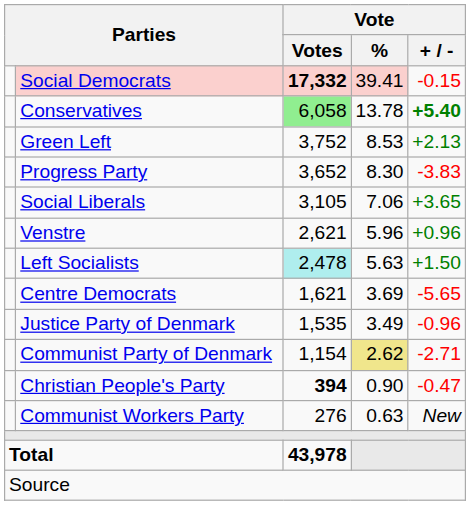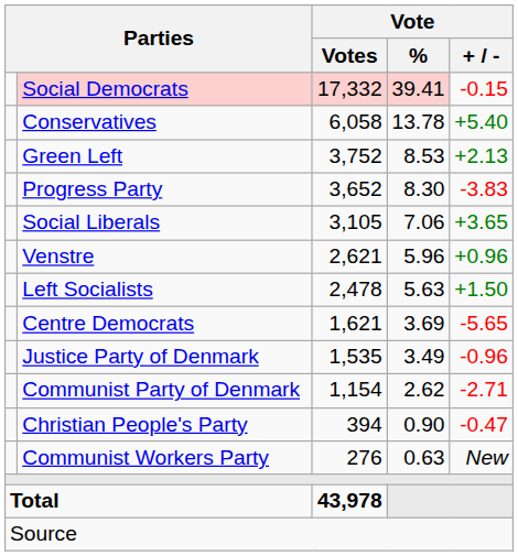 <table class="wikitable" style="text-align:right;">
 <tr>
 <th style="text-align:centre;" rowspan="2" colspan="2" width="225">Parties</th>
 <th colspan="3">Vote</th>
 </tr>
 <tr>
 <th width="15">Votes</th>
 <th width="15">%</th>
 <th width="15">+ / -</th>
 </tr>
 <tr>
 <td width="2" style="color:inherit;background:"></td>
 <td bgcolor=#fbd0ce  align="left"><a href='#'>Social Democrats</a></td>
-<td bgcolor=#fbd0ce><strong>17,332</strong></td>
+<td bgcolor=#fbd0ce>17,332</td>
 <td bgcolor=#fbd0ce>39.41</td>
 <td style=color:red;>-0.15</td>
 </tr>
 <tr>
 <td width="2" style="color:inherit;background:"></td>
 <td align="left"><a href='#'>Conservatives</a></td>
-<td style="background: lightgreen;">6,058</td>
+<td>6,058</td>
 <td>13.78</td>
-<td style=color:green;><strong>+5.40</strong></td>
+<td style=color:green;>+5.40</td>
 </tr>
 <tr>
 <td width="2" style="color:inherit;background:"></td>
 <td align="left"><a href='#'>Green Left</a></td>
 <td>3,752</td>
 <td>8.53</td>
 <td style=color:green;>+2.13</td>
 </tr>
 <tr>
 <td width="2" style="color:inherit;background:"></td>
 <td align="left"><a href='#'>Progress Party</a></td>
 <td>3,652</td>
 <td>8.30</td>
 <td style=color:red;>-3.83</td>
 </tr>
 <tr>
 <td width="2" style="color:inherit;background:"></td>
 <td align="left"><a href='#'>Social Liberals</a></td>
 <td>3,105</td>
 <td>7.06</td>
 <td style=color:green;>+3.65</td>
 </tr>
 <tr>
 <td width="2" style="color:inherit;background:"></td>
 <td align="left"><a href='#'>Venstre</a></td>
 <td>2,621</td>
 <td>5.96</td>
 <td style=color:green;>+0.96</td>
 </tr>
 <tr>
 <td width="2" style="color:inherit;background:"></td>
 <td align="left"><a href='#'>Left Socialists</a></td>
-<td style="background: paleturquoise;">2,478</td>
+<td>2,478</td>
 <td>5.63</td>
 <td style=color:green;>+1.50</td>
 </tr>
 <tr>
 <td width="2" style="color:inherit;background:"></td>
 <td align="left"><a href='#'>Centre Democrats</a></td>
 <td>1,621</td>
 <td>3.69</td>
 <td style=color:red;>-5.65</td>
 </tr>
 <tr>
 <td width="2" style="color:inherit;background:"></td>
 <td align="left"><a href='#'>Justice Party of Denmark</a></td>
 <td>1,535</td>
 <td>3.49</td>
 <td style=color:red;>-0.96</td>
 </tr>
 <tr>
 <td width="2" style="color:inherit;background:"></td>
 <td align="left"><a href='#'>Communist Party of Denmark</a></td>
 <td>1,154</td>
-<td style="background: khaki;">2.62</td>
+<td>2.62</td>
 <td style=color:red;>-2.71</td>
 </tr>
 <tr>
 <td width="2" style="color:inherit;background:"></td>
 <td align="left"><a href='#'>Christian People's Party</a></td>
-<td><strong>394</strong></td>
+<td>394</td>
 <td>0.90</td>
 <td style=color:red;>-0.47</td>
 </tr>
 <tr>
 <td width="2" style="color:inherit;background:"></td>
 <td align="left"><a href='#'>Communist Workers Party</a></td>
 <td>276</td>
 <td>0.63</td>
 <td><em>New</em></td>
 </tr>
 <tr>
 <td colspan="7" bgcolor="#E9E9E9"></td>
 </tr>
 <tr>
 <td align="left" colspan="2"><strong>Total</strong></td>
 <td><strong>43,978</strong></td>
 <td bgcolor="#E9E9E9" colspan="2"></td>
 </tr>
 <tr>
 <td align="left" colspan="6">Source</td>
 </tr>
 </table>
